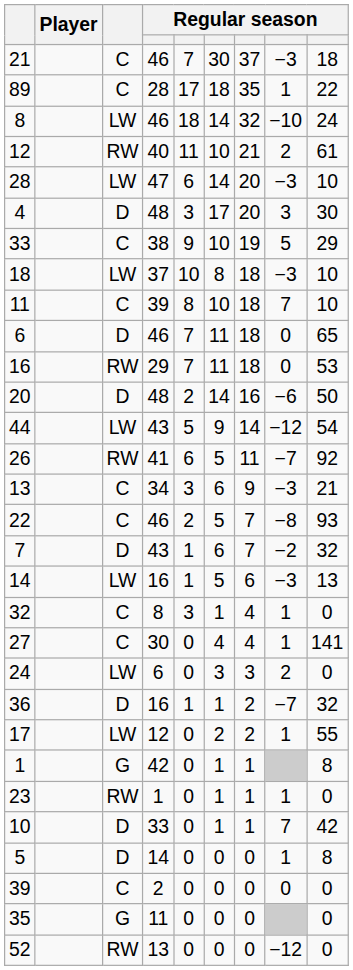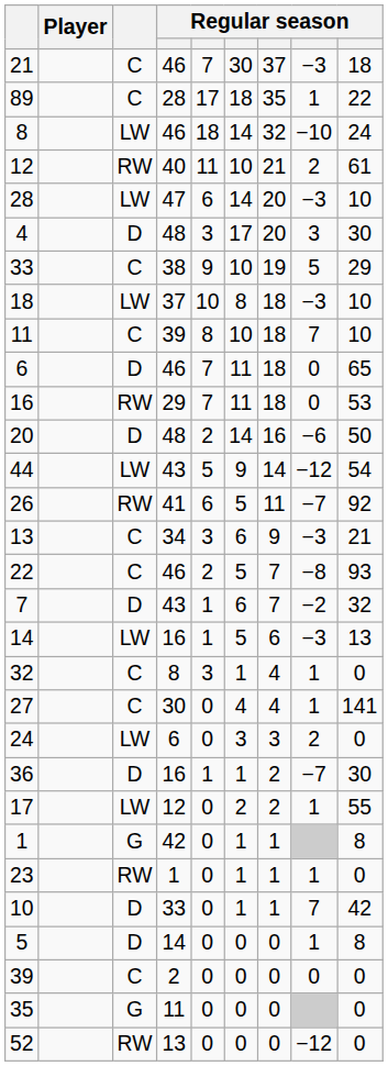 <table class="wikitable sortable plainrowheaders" style="text-align:center;">
 <tr>
 <th scope="col" data-sort-type="number" rowspan="2"></th>
 <th scope="col" rowspan="2">Player</th>
 <th scope="col" rowspan="2"></th>
 <th scope=colgroup colspan=6>Regular season</th>
 </tr>
 <tr>
 <th scope="col" data-sort-type="number"></th>
 <th scope="col" data-sort-type="number"></th>
 <th scope="col" data-sort-type="number"></th>
 <th scope="col" data-sort-type="number"></th>
 <th scope="col" data-sort-type="number"></th>
 <th scope="col" data-sort-type="number"></th>
 </tr>
 <tr>
 <td scope="row">21</td>
 <td align="left"></td>
 <td>C</td>
 <td>46</td>
 <td>7</td>
 <td>30</td>
 <td>37</td>
 <td>−3</td>
 <td>18</td>
 </tr>
 <tr>
 <td scope="row">89</td>
 <td align="left"></td>
 <td>C</td>
 <td>28</td>
 <td>17</td>
 <td>18</td>
 <td>35</td>
 <td>1</td>
 <td>22</td>
 </tr>
 <tr>
 <td scope="row">8</td>
 <td align="left"></td>
 <td>LW</td>
 <td>46</td>
 <td>18</td>
 <td>14</td>
 <td>32</td>
 <td>−10</td>
 <td>24</td>
 </tr>
 <tr>
 <td scope="row">12</td>
 <td align="left"></td>
 <td>RW</td>
 <td>40</td>
 <td>11</td>
 <td>10</td>
 <td>21</td>
 <td>2</td>
 <td>61</td>
 </tr>
 <tr>
 <td scope="row">28</td>
 <td align="left"></td>
 <td>LW</td>
 <td>47</td>
 <td>6</td>
 <td>14</td>
 <td>20</td>
 <td>−3</td>
 <td>10</td>
 </tr>
 <tr>
 <td scope="row">4</td>
 <td align="left"></td>
 <td>D</td>
 <td>48</td>
 <td>3</td>
 <td>17</td>
 <td>20</td>
 <td>3</td>
 <td>30</td>
 </tr>
 <tr>
 <td scope="row">33</td>
 <td align="left"></td>
 <td>C</td>
 <td>38</td>
 <td>9</td>
 <td>10</td>
 <td>19</td>
 <td>5</td>
 <td>29</td>
 </tr>
 <tr>
 <td scope="row">18</td>
 <td align="left"></td>
 <td>LW</td>
 <td>37</td>
 <td>10</td>
 <td>8</td>
 <td>18</td>
 <td>−3</td>
 <td>10</td>
 </tr>
 <tr>
 <td scope="row">11</td>
 <td align="left"></td>
 <td>C</td>
 <td>39</td>
 <td>8</td>
 <td>10</td>
 <td>18</td>
 <td>7</td>
 <td>10</td>
 </tr>
 <tr>
 <td scope="row">6</td>
 <td align="left"></td>
 <td>D</td>
 <td>46</td>
 <td>7</td>
 <td>11</td>
 <td>18</td>
 <td>0</td>
 <td>65</td>
 </tr>
 <tr>
 <td scope="row">16</td>
 <td align="left"></td>
 <td>RW</td>
 <td>29</td>
 <td>7</td>
 <td>11</td>
 <td>18</td>
 <td>0</td>
 <td>53</td>
 </tr>
 <tr>
 <td scope="row">20</td>
 <td align="left"></td>
 <td>D</td>
 <td>48</td>
 <td>2</td>
 <td>14</td>
 <td>16</td>
 <td>−6</td>
 <td>50</td>
 </tr>
 <tr>
 <td scope="row">44</td>
 <td align="left"></td>
 <td>LW</td>
 <td>43</td>
 <td>5</td>
 <td>9</td>
 <td>14</td>
 <td>−12</td>
 <td>54</td>
 </tr>
 <tr>
 <td scope="row">26</td>
 <td align="left"></td>
 <td>RW</td>
 <td>41</td>
 <td>6</td>
 <td>5</td>
 <td>11</td>
 <td>−7</td>
 <td>92</td>
 </tr>
 <tr>
 <td scope="row">13</td>
 <td align="left"></td>
 <td>C</td>
 <td>34</td>
 <td>3</td>
 <td>6</td>
 <td>9</td>
 <td>−3</td>
 <td>21</td>
 </tr>
 <tr>
 <td scope="row">22</td>
 <td align="left"></td>
 <td>C</td>
 <td>46</td>
 <td>2</td>
 <td>5</td>
 <td>7</td>
 <td>−8</td>
 <td>93</td>
 </tr>
 <tr>
 <td scope="row">7</td>
 <td align="left"></td>
 <td>D</td>
 <td>43</td>
 <td>1</td>
 <td>6</td>
 <td>7</td>
 <td>−2</td>
 <td>32</td>
 </tr>
 <tr>
 <td scope="row">14</td>
 <td align="left"></td>
 <td>LW</td>
 <td>16</td>
 <td>1</td>
 <td>5</td>
 <td>6</td>
 <td>−3</td>
 <td>13</td>
 </tr>
 <tr>
 <td scope="row">32</td>
 <td align="left"></td>
 <td>C</td>
 <td>8</td>
 <td>3</td>
 <td>1</td>
 <td>4</td>
 <td>1</td>
 <td>0</td>
 </tr>
 <tr>
 <td scope="row">27</td>
 <td align="left"></td>
 <td>C</td>
 <td>30</td>
 <td>0</td>
 <td>4</td>
 <td>4</td>
 <td>1</td>
 <td>141</td>
 </tr>
 <tr>
 <td scope="row">24</td>
 <td align="left"></td>
 <td>LW</td>
 <td>6</td>
 <td>0</td>
 <td>3</td>
 <td>3</td>
 <td>2</td>
 <td>0</td>
 </tr>
 <tr>
 <td scope="row">36</td>
 <td align="left"></td>
 <td>D</td>
 <td>16</td>
 <td>1</td>
 <td>1</td>
 <td>2</td>
 <td>−7</td>
-<td>32</td>
+<td>30</td>
 </tr>
 <tr>
 <td scope="row">17</td>
 <td align="left"></td>
 <td>LW</td>
 <td>12</td>
 <td>0</td>
 <td>2</td>
 <td>2</td>
 <td>1</td>
 <td>55</td>
 </tr>
 <tr>
 <td scope="row">1</td>
 <td align="left"></td>
 <td>G</td>
 <td>42</td>
 <td>0</td>
 <td>1</td>
 <td>1</td>
 <td style="background:#ccc"></td>
 <td>8</td>
 </tr>
 <tr>
 <td scope="row">23</td>
 <td align="left"></td>
 <td>RW</td>
 <td>1</td>
 <td>0</td>
 <td>1</td>
 <td>1</td>
 <td>1</td>
 <td>0</td>
 </tr>
 <tr>
 <td scope="row">10</td>
 <td align="left"></td>
 <td>D</td>
 <td>33</td>
 <td>0</td>
 <td>1</td>
 <td>1</td>
 <td>7</td>
 <td>42</td>
 </tr>
 <tr>
 <td scope="row">5</td>
 <td align="left"></td>
 <td>D</td>
 <td>14</td>
 <td>0</td>
 <td>0</td>
 <td>0</td>
 <td>1</td>
 <td>8</td>
 </tr>
 <tr>
 <td scope="row">39</td>
 <td align="left"></td>
 <td>C</td>
 <td>2</td>
 <td>0</td>
 <td>0</td>
 <td>0</td>
 <td>0</td>
 <td>0</td>
 </tr>
 <tr>
 <td scope="row">35</td>
 <td align="left"></td>
 <td>G</td>
 <td>11</td>
 <td>0</td>
 <td>0</td>
 <td>0</td>
 <td style="background:#ccc"></td>
 <td>0</td>
 </tr>
 <tr>
 <td scope="row">52</td>
 <td align="left"></td>
 <td>RW</td>
 <td>13</td>
 <td>0</td>
 <td>0</td>
 <td>0</td>
 <td>−12</td>
 <td>0</td>
 </tr>
 </table>
